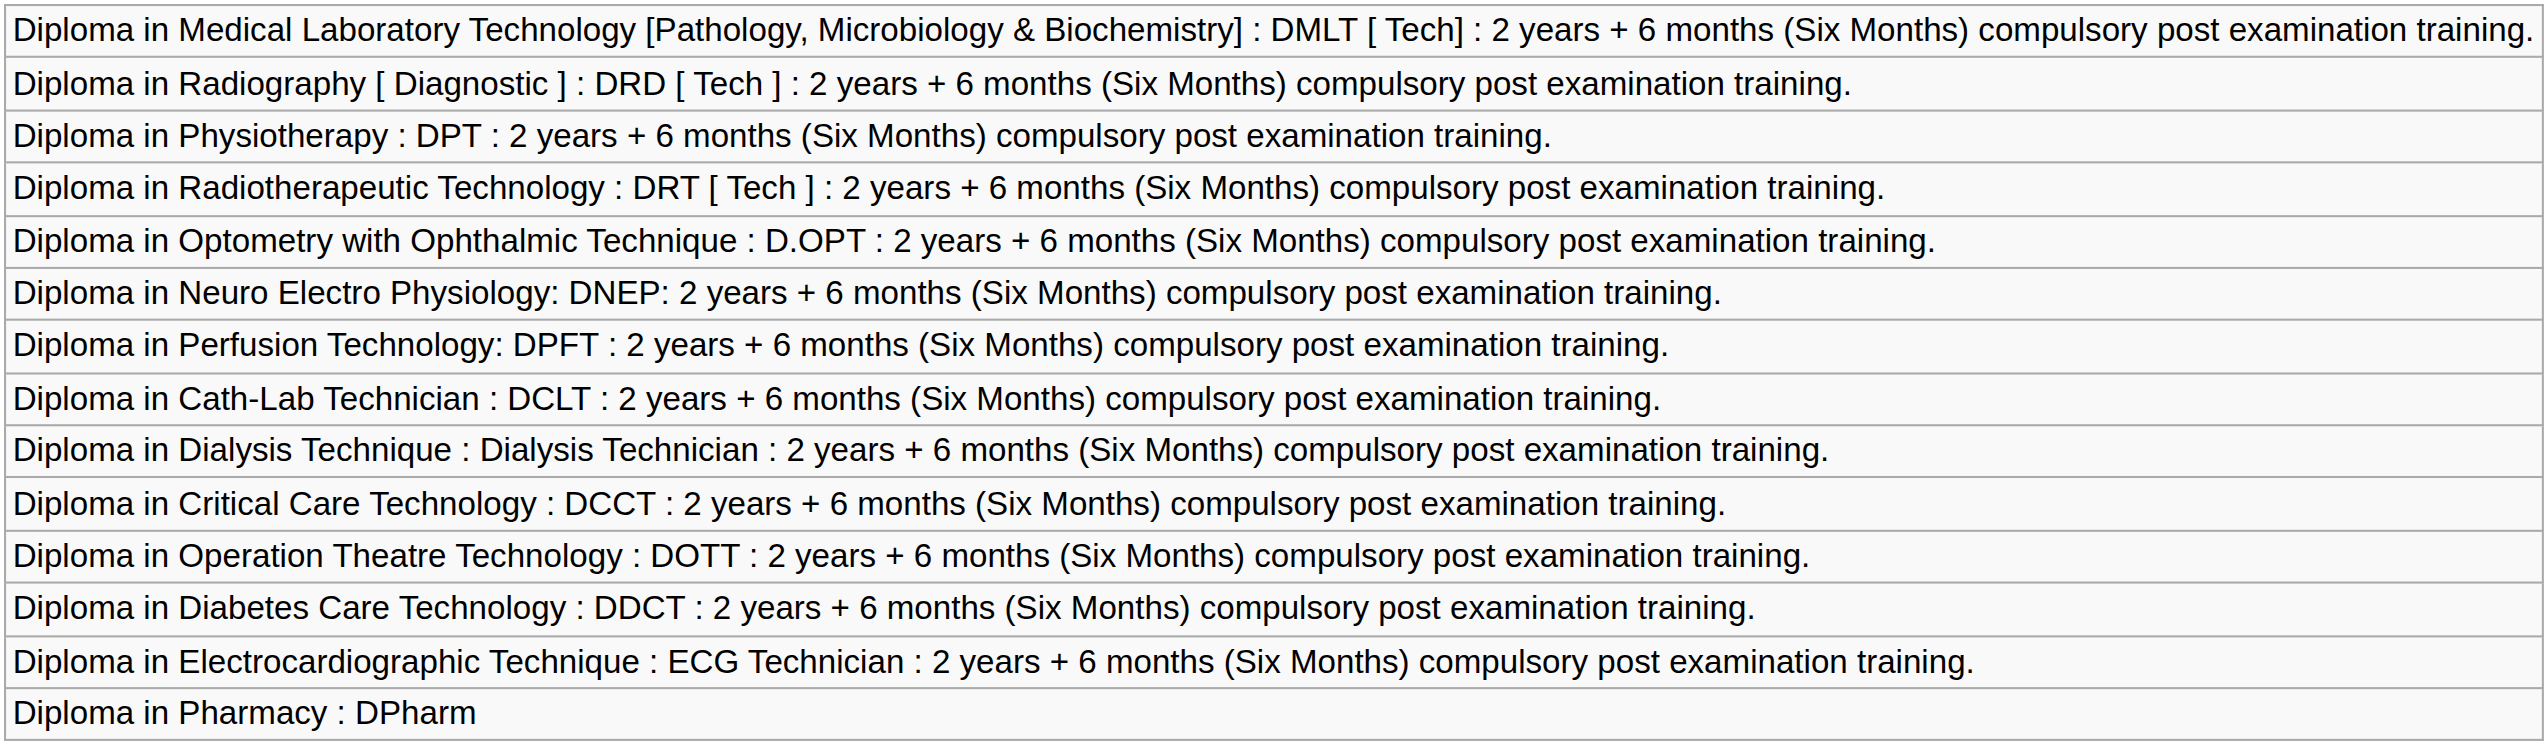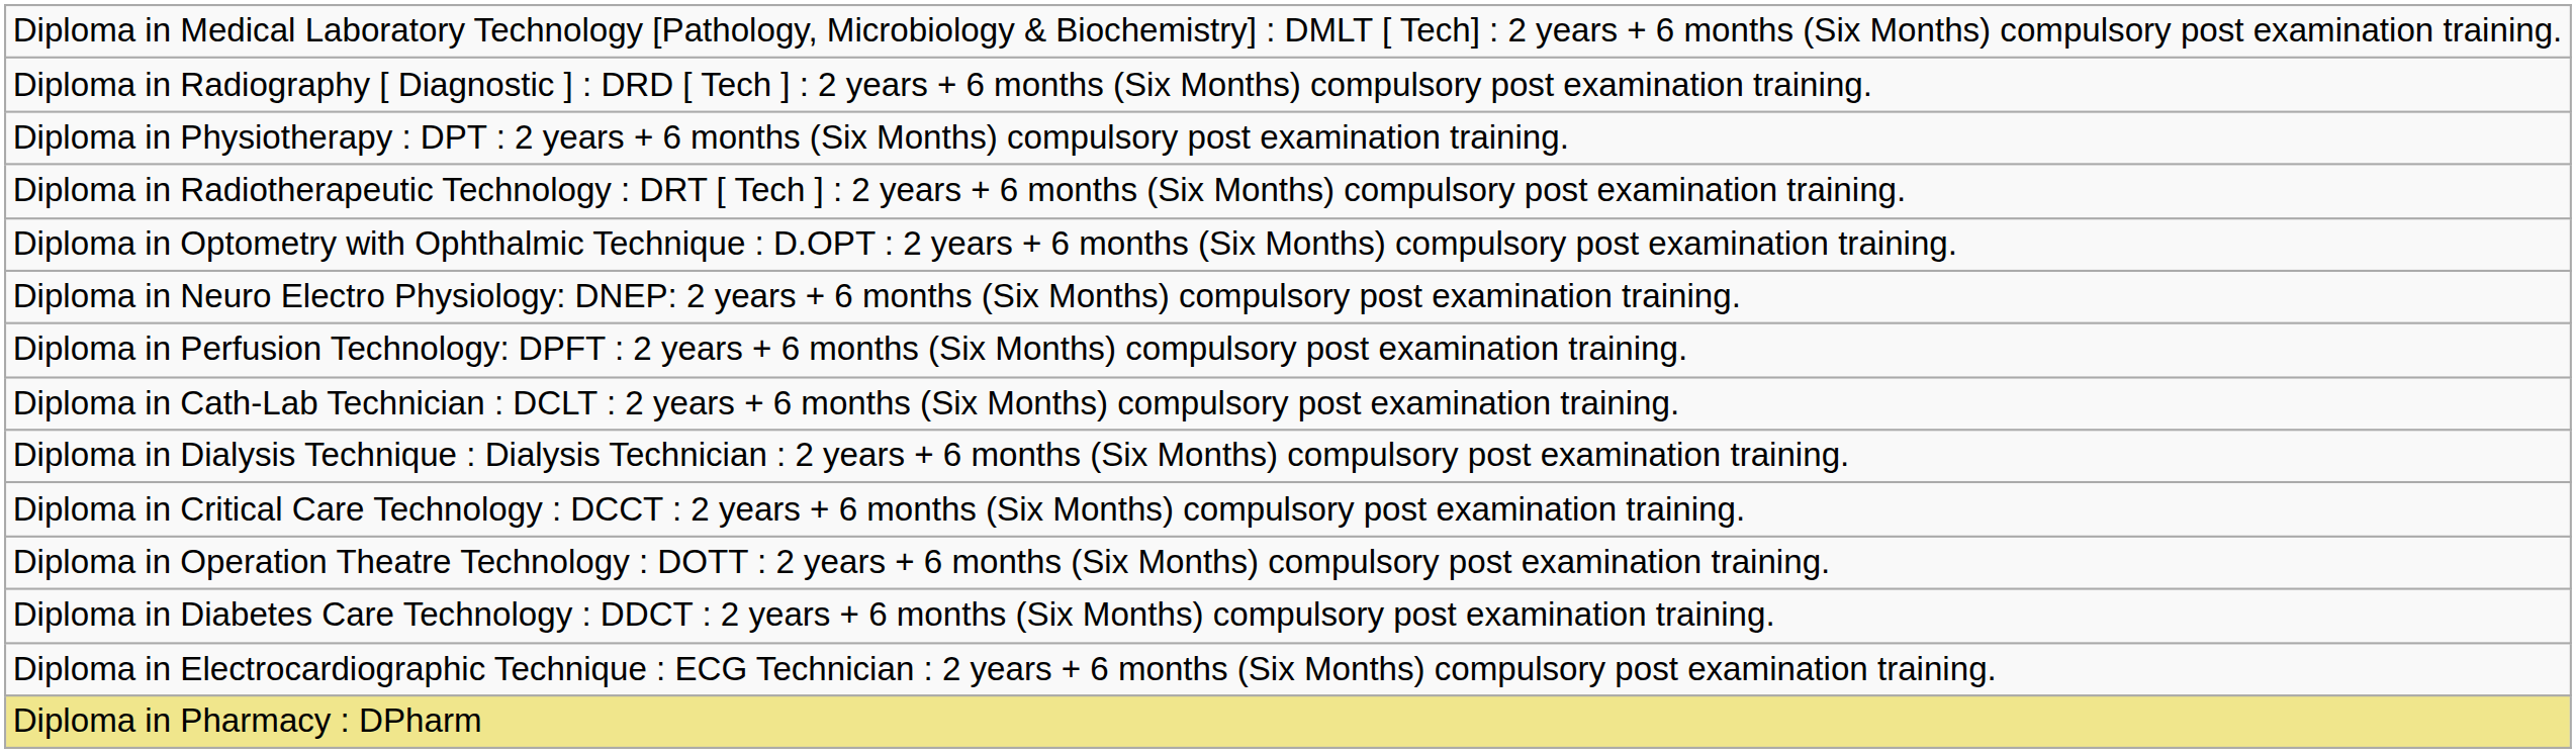 <table class="wikitable">
 <tr>
 <td>Diploma in Medical Laboratory Technology [Pathology, Microbiology & Biochemistry] : DMLT [ Tech] : 2 years + 6 months (Six Months) compulsory post examination training.</td>
 </tr>
 <tr>
 <td>Diploma in Radiography [ Diagnostic ] : DRD [ Tech ] : 2 years + 6 months (Six Months) compulsory post examination training.</td>
 </tr>
 <tr>
 <td>Diploma in Physiotherapy : DPT : 2 years + 6 months (Six Months) compulsory post examination training.</td>
 </tr>
 <tr>
 <td>Diploma in Radiotherapeutic Technology : DRT [ Tech ] : 2 years + 6 months (Six Months) compulsory post examination training.</td>
 </tr>
 <tr>
 <td>Diploma in Optometry with Ophthalmic Technique : D.OPT : 2 years + 6 months (Six Months) compulsory post examination training.</td>
 </tr>
 <tr>
 <td>Diploma in Neuro Electro Physiology: DNEP: 2 years + 6 months (Six Months) compulsory post examination training.</td>
 </tr>
 <tr>
 <td>Diploma in Perfusion Technology: DPFT : 2 years + 6 months (Six Months) compulsory post examination training.</td>
 </tr>
 <tr>
 <td>Diploma in Cath-Lab Technician : DCLT : 2 years + 6 months (Six Months) compulsory post examination training.</td>
 </tr>
 <tr>
 <td>Diploma in Dialysis Technique : Dialysis Technician : 2 years + 6 months (Six Months) compulsory post examination training.</td>
 </tr>
 <tr>
 <td>Diploma in Critical Care Technology : DCCT : 2 years + 6 months (Six Months) compulsory post examination training.</td>
 </tr>
 <tr>
 <td>Diploma in Operation Theatre Technology : DOTT : 2 years + 6 months (Six Months) compulsory post examination training.</td>
 </tr>
 <tr>
 <td>Diploma in Diabetes Care Technology : DDCT : 2 years + 6 months (Six Months) compulsory post examination training.</td>
 </tr>
 <tr>
 <td>Diploma in Electrocardiographic Technique : ECG Technician : 2 years + 6 months (Six Months) compulsory post examination training.</td>
 </tr>
 <tr>
-<td>Diploma in Pharmacy : DPharm</td>
+<td style="background: khaki;">Diploma in Pharmacy : DPharm</td>
 </tr>
 </table>
